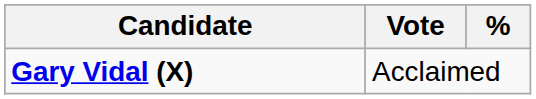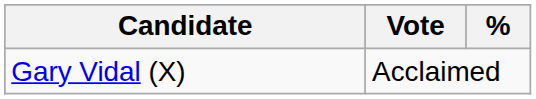 <table class="wikitable">
 <tr>
 <th bgcolor="#DDDDFF" width="200px">Candidate</th>
 <th bgcolor="#DDDDFF" width="50px">Vote</th>
 <th bgcolor="#DDDDFF" width="30px">%</th>
 </tr>
 <tr>
-<td><strong><a href='#'>Gary Vidal</a> (X)</strong></td>
+<td><a href='#'>Gary Vidal</a> (X)</td>
 <td colspan="2">Acclaimed</td>
 </tr>
 </table>
